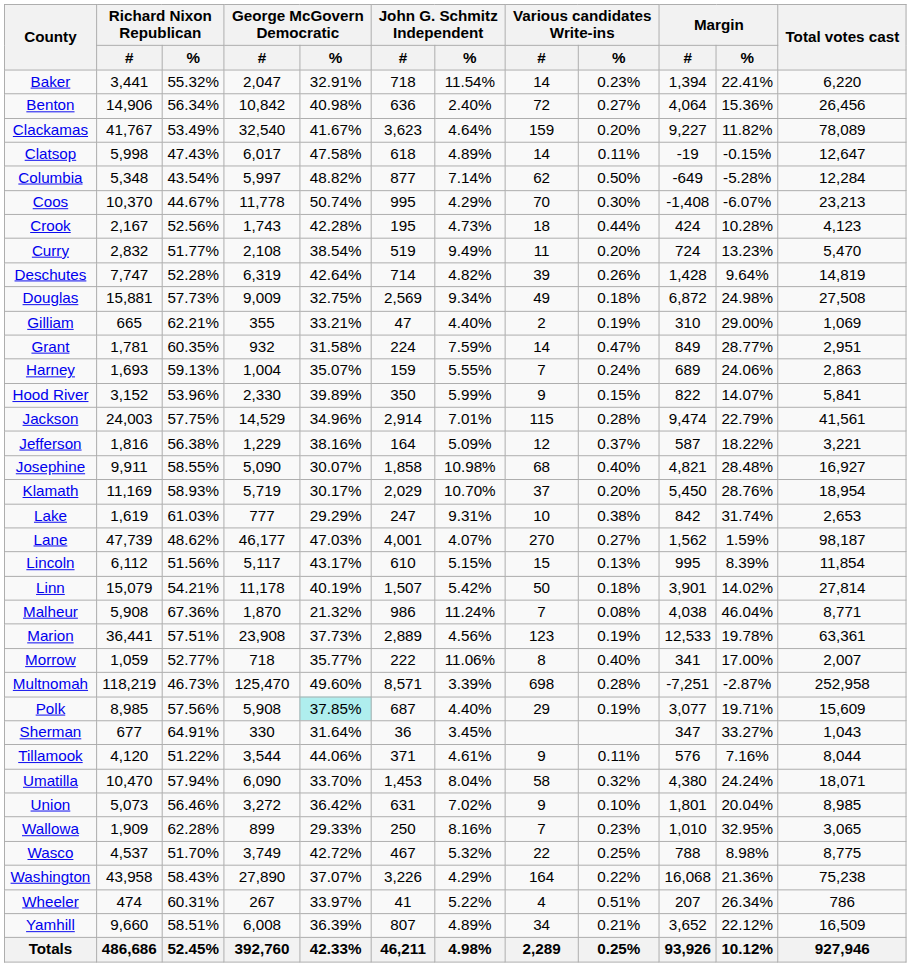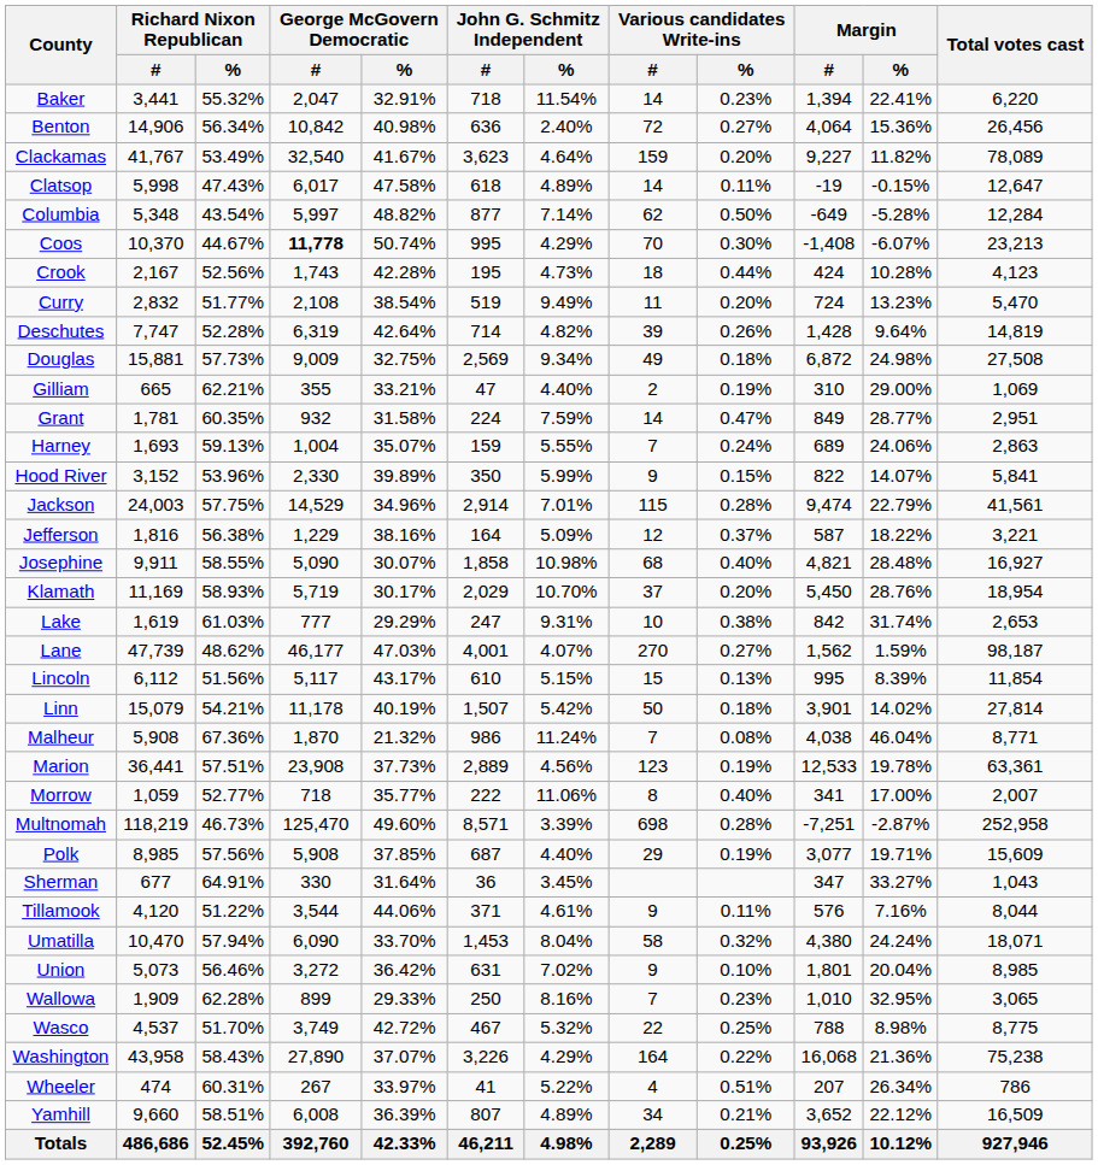 <table width="60%"  class="wikitable sortable" style="text-align:center">
 <tr>
 <th colspan="1" rowspan="2">County</th>
 <th style="text-align:center;" colspan="2">Richard Nixon<br>Republican</th>
 <th style="text-align:center;" colspan="2">George McGovern<br>Democratic</th>
 <th style="text-align:center;" colspan="2">John G. Schmitz<br>Independent</th>
 <th style="text-align:center;" colspan="2">Various candidates<br>Write-ins</th>
 <th style="text-align:center;" colspan="2">Margin</th>
 <th colspan="1" rowspan="2" style="text-align:center;">Total votes cast</th>
 </tr>
 <tr>
 <th style="text-align:center;" data-sort-type="number">#</th>
 <th style="text-align:center;" data-sort-type="number">%</th>
 <th style="text-align:center;" data-sort-type="number">#</th>
 <th style="text-align:center;" data-sort-type="number">%</th>
 <th style="text-align:center;" data-sort-type="number">#</th>
 <th style="text-align:center;" data-sort-type="number">%</th>
 <th style="text-align:center;" data-sort-type="number">#</th>
 <th style="text-align:center;" data-sort-type="number">%</th>
 <th style="text-align:center;" data-sort-type="number">#</th>
 <th style="text-align:center;" data-sort-type="number">%</th>
 </tr>
 <tr style="text-align:center;">
 <td><a href='#'>Baker</a></td>
 <td>3,441</td>
 <td>55.32%</td>
 <td>2,047</td>
 <td>32.91%</td>
 <td>718</td>
 <td>11.54%</td>
 <td>14</td>
 <td>0.23%</td>
 <td>1,394</td>
 <td>22.41%</td>
 <td>6,220</td>
 </tr>
 <tr style="text-align:center;">
 <td><a href='#'>Benton</a></td>
 <td>14,906</td>
 <td>56.34%</td>
 <td>10,842</td>
 <td>40.98%</td>
 <td>636</td>
 <td>2.40%</td>
 <td>72</td>
 <td>0.27%</td>
 <td>4,064</td>
 <td>15.36%</td>
 <td>26,456</td>
 </tr>
 <tr style="text-align:center;">
 <td><a href='#'>Clackamas</a></td>
 <td>41,767</td>
 <td>53.49%</td>
 <td>32,540</td>
 <td>41.67%</td>
 <td>3,623</td>
 <td>4.64%</td>
 <td>159</td>
 <td>0.20%</td>
 <td>9,227</td>
 <td>11.82%</td>
 <td>78,089</td>
 </tr>
 <tr style="text-align:center;">
 <td><a href='#'>Clatsop</a></td>
 <td>5,998</td>
 <td>47.43%</td>
 <td>6,017</td>
 <td>47.58%</td>
 <td>618</td>
 <td>4.89%</td>
 <td>14</td>
 <td>0.11%</td>
 <td>-19</td>
 <td>-0.15%</td>
 <td>12,647</td>
 </tr>
 <tr style="text-align:center;">
 <td><a href='#'>Columbia</a></td>
 <td>5,348</td>
 <td>43.54%</td>
 <td>5,997</td>
 <td>48.82%</td>
 <td>877</td>
 <td>7.14%</td>
 <td>62</td>
 <td>0.50%</td>
 <td>-649</td>
 <td>-5.28%</td>
 <td>12,284</td>
 </tr>
 <tr style="text-align:center;">
 <td><a href='#'>Coos</a></td>
 <td>10,370</td>
 <td>44.67%</td>
-<td>11,778</td>
+<td><strong>11,778</strong></td>
 <td>50.74%</td>
 <td>995</td>
 <td>4.29%</td>
 <td>70</td>
 <td>0.30%</td>
 <td>-1,408</td>
 <td>-6.07%</td>
 <td>23,213</td>
 </tr>
 <tr style="text-align:center;">
 <td><a href='#'>Crook</a></td>
 <td>2,167</td>
 <td>52.56%</td>
 <td>1,743</td>
 <td>42.28%</td>
 <td>195</td>
 <td>4.73%</td>
 <td>18</td>
 <td>0.44%</td>
 <td>424</td>
 <td>10.28%</td>
 <td>4,123</td>
 </tr>
 <tr style="text-align:center;">
 <td><a href='#'>Curry</a></td>
 <td>2,832</td>
 <td>51.77%</td>
 <td>2,108</td>
 <td>38.54%</td>
 <td>519</td>
 <td>9.49%</td>
 <td>11</td>
 <td>0.20%</td>
 <td>724</td>
 <td>13.23%</td>
 <td>5,470</td>
 </tr>
 <tr style="text-align:center;">
 <td><a href='#'>Deschutes</a></td>
 <td>7,747</td>
 <td>52.28%</td>
 <td>6,319</td>
 <td>42.64%</td>
 <td>714</td>
 <td>4.82%</td>
 <td>39</td>
 <td>0.26%</td>
 <td>1,428</td>
 <td>9.64%</td>
 <td>14,819</td>
 </tr>
 <tr style="text-align:center;">
 <td><a href='#'>Douglas</a></td>
 <td>15,881</td>
 <td>57.73%</td>
 <td>9,009</td>
 <td>32.75%</td>
 <td>2,569</td>
 <td>9.34%</td>
 <td>49</td>
 <td>0.18%</td>
 <td>6,872</td>
 <td>24.98%</td>
 <td>27,508</td>
 </tr>
 <tr style="text-align:center;">
 <td><a href='#'>Gilliam</a></td>
 <td>665</td>
 <td>62.21%</td>
 <td>355</td>
 <td>33.21%</td>
 <td>47</td>
 <td>4.40%</td>
 <td>2</td>
 <td>0.19%</td>
 <td>310</td>
 <td>29.00%</td>
 <td>1,069</td>
 </tr>
 <tr style="text-align:center;">
 <td><a href='#'>Grant</a></td>
 <td>1,781</td>
 <td>60.35%</td>
 <td>932</td>
 <td>31.58%</td>
 <td>224</td>
 <td>7.59%</td>
 <td>14</td>
 <td>0.47%</td>
 <td>849</td>
 <td>28.77%</td>
 <td>2,951</td>
 </tr>
 <tr style="text-align:center;">
 <td><a href='#'>Harney</a></td>
 <td>1,693</td>
 <td>59.13%</td>
 <td>1,004</td>
 <td>35.07%</td>
 <td>159</td>
 <td>5.55%</td>
 <td>7</td>
 <td>0.24%</td>
 <td>689</td>
 <td>24.06%</td>
 <td>2,863</td>
 </tr>
 <tr style="text-align:center;">
 <td><a href='#'>Hood River</a></td>
 <td>3,152</td>
 <td>53.96%</td>
 <td>2,330</td>
 <td>39.89%</td>
 <td>350</td>
 <td>5.99%</td>
 <td>9</td>
 <td>0.15%</td>
 <td>822</td>
 <td>14.07%</td>
 <td>5,841</td>
 </tr>
 <tr style="text-align:center;">
 <td><a href='#'>Jackson</a></td>
 <td>24,003</td>
 <td>57.75%</td>
 <td>14,529</td>
 <td>34.96%</td>
 <td>2,914</td>
 <td>7.01%</td>
 <td>115</td>
 <td>0.28%</td>
 <td>9,474</td>
 <td>22.79%</td>
 <td>41,561</td>
 </tr>
 <tr style="text-align:center;">
 <td><a href='#'>Jefferson</a></td>
 <td>1,816</td>
 <td>56.38%</td>
 <td>1,229</td>
 <td>38.16%</td>
 <td>164</td>
 <td>5.09%</td>
 <td>12</td>
 <td>0.37%</td>
 <td>587</td>
 <td>18.22%</td>
 <td>3,221</td>
 </tr>
 <tr style="text-align:center;">
 <td><a href='#'>Josephine</a></td>
 <td>9,911</td>
 <td>58.55%</td>
 <td>5,090</td>
 <td>30.07%</td>
 <td>1,858</td>
 <td>10.98%</td>
 <td>68</td>
 <td>0.40%</td>
 <td>4,821</td>
 <td>28.48%</td>
 <td>16,927</td>
 </tr>
 <tr style="text-align:center;">
 <td><a href='#'>Klamath</a></td>
 <td>11,169</td>
 <td>58.93%</td>
 <td>5,719</td>
 <td>30.17%</td>
 <td>2,029</td>
 <td>10.70%</td>
 <td>37</td>
 <td>0.20%</td>
 <td>5,450</td>
 <td>28.76%</td>
 <td>18,954</td>
 </tr>
 <tr style="text-align:center;">
 <td><a href='#'>Lake</a></td>
 <td>1,619</td>
 <td>61.03%</td>
 <td>777</td>
 <td>29.29%</td>
 <td>247</td>
 <td>9.31%</td>
 <td>10</td>
 <td>0.38%</td>
 <td>842</td>
 <td>31.74%</td>
 <td>2,653</td>
 </tr>
 <tr style="text-align:center;">
 <td><a href='#'>Lane</a></td>
 <td>47,739</td>
 <td>48.62%</td>
 <td>46,177</td>
 <td>47.03%</td>
 <td>4,001</td>
 <td>4.07%</td>
 <td>270</td>
 <td>0.27%</td>
 <td>1,562</td>
 <td>1.59%</td>
 <td>98,187</td>
 </tr>
 <tr style="text-align:center;">
 <td><a href='#'>Lincoln</a></td>
 <td>6,112</td>
 <td>51.56%</td>
 <td>5,117</td>
 <td>43.17%</td>
 <td>610</td>
 <td>5.15%</td>
 <td>15</td>
 <td>0.13%</td>
 <td>995</td>
 <td>8.39%</td>
 <td>11,854</td>
 </tr>
 <tr style="text-align:center;">
 <td><a href='#'>Linn</a></td>
 <td>15,079</td>
 <td>54.21%</td>
 <td>11,178</td>
 <td>40.19%</td>
 <td>1,507</td>
 <td>5.42%</td>
 <td>50</td>
 <td>0.18%</td>
 <td>3,901</td>
 <td>14.02%</td>
 <td>27,814</td>
 </tr>
 <tr style="text-align:center;">
 <td><a href='#'>Malheur</a></td>
 <td>5,908</td>
 <td>67.36%</td>
 <td>1,870</td>
 <td>21.32%</td>
 <td>986</td>
 <td>11.24%</td>
 <td>7</td>
 <td>0.08%</td>
 <td>4,038</td>
 <td>46.04%</td>
 <td>8,771</td>
 </tr>
 <tr style="text-align:center;">
 <td><a href='#'>Marion</a></td>
 <td>36,441</td>
 <td>57.51%</td>
 <td>23,908</td>
 <td>37.73%</td>
 <td>2,889</td>
 <td>4.56%</td>
 <td>123</td>
 <td>0.19%</td>
 <td>12,533</td>
 <td>19.78%</td>
 <td>63,361</td>
 </tr>
 <tr style="text-align:center;">
 <td><a href='#'>Morrow</a></td>
 <td>1,059</td>
 <td>52.77%</td>
 <td>718</td>
 <td>35.77%</td>
 <td>222</td>
 <td>11.06%</td>
 <td>8</td>
 <td>0.40%</td>
 <td>341</td>
 <td>17.00%</td>
 <td>2,007</td>
 </tr>
 <tr style="text-align:center;">
 <td><a href='#'>Multnomah</a></td>
 <td>118,219</td>
 <td>46.73%</td>
 <td>125,470</td>
 <td>49.60%</td>
 <td>8,571</td>
 <td>3.39%</td>
 <td>698</td>
 <td>0.28%</td>
 <td>-7,251</td>
 <td>-2.87%</td>
 <td>252,958</td>
 </tr>
 <tr style="text-align:center;">
 <td><a href='#'>Polk</a></td>
 <td>8,985</td>
 <td>57.56%</td>
 <td>5,908</td>
-<td style="background: paleturquoise;">37.85%</td>
+<td>37.85%</td>
 <td>687</td>
 <td>4.40%</td>
 <td>29</td>
 <td>0.19%</td>
 <td>3,077</td>
 <td>19.71%</td>
 <td>15,609</td>
 </tr>
 <tr style="text-align:center;">
 <td><a href='#'>Sherman</a></td>
 <td>677</td>
 <td>64.91%</td>
 <td>330</td>
 <td>31.64%</td>
 <td>36</td>
 <td>3.45%</td>
 <td></td>
 <td></td>
 <td>347</td>
 <td>33.27%</td>
 <td>1,043</td>
 </tr>
 <tr style="text-align:center;">
 <td><a href='#'>Tillamook</a></td>
 <td>4,120</td>
 <td>51.22%</td>
 <td>3,544</td>
 <td>44.06%</td>
 <td>371</td>
 <td>4.61%</td>
 <td>9</td>
 <td>0.11%</td>
 <td>576</td>
 <td>7.16%</td>
 <td>8,044</td>
 </tr>
 <tr style="text-align:center;">
 <td><a href='#'>Umatilla</a></td>
 <td>10,470</td>
 <td>57.94%</td>
 <td>6,090</td>
 <td>33.70%</td>
 <td>1,453</td>
 <td>8.04%</td>
 <td>58</td>
 <td>0.32%</td>
 <td>4,380</td>
 <td>24.24%</td>
 <td>18,071</td>
 </tr>
 <tr style="text-align:center;">
 <td><a href='#'>Union</a></td>
 <td>5,073</td>
 <td>56.46%</td>
 <td>3,272</td>
 <td>36.42%</td>
 <td>631</td>
 <td>7.02%</td>
 <td>9</td>
 <td>0.10%</td>
 <td>1,801</td>
 <td>20.04%</td>
 <td>8,985</td>
 </tr>
 <tr style="text-align:center;">
 <td><a href='#'>Wallowa</a></td>
 <td>1,909</td>
 <td>62.28%</td>
 <td>899</td>
 <td>29.33%</td>
 <td>250</td>
 <td>8.16%</td>
 <td>7</td>
 <td>0.23%</td>
 <td>1,010</td>
 <td>32.95%</td>
 <td>3,065</td>
 </tr>
 <tr style="text-align:center;">
 <td><a href='#'>Wasco</a></td>
 <td>4,537</td>
 <td>51.70%</td>
 <td>3,749</td>
 <td>42.72%</td>
 <td>467</td>
 <td>5.32%</td>
 <td>22</td>
 <td>0.25%</td>
 <td>788</td>
 <td>8.98%</td>
 <td>8,775</td>
 </tr>
 <tr style="text-align:center;">
 <td><a href='#'>Washington</a></td>
 <td>43,958</td>
 <td>58.43%</td>
 <td>27,890</td>
 <td>37.07%</td>
 <td>3,226</td>
 <td>4.29%</td>
 <td>164</td>
 <td>0.22%</td>
 <td>16,068</td>
 <td>21.36%</td>
 <td>75,238</td>
 </tr>
 <tr style="text-align:center;">
 <td><a href='#'>Wheeler</a></td>
 <td>474</td>
 <td>60.31%</td>
 <td>267</td>
 <td>33.97%</td>
 <td>41</td>
 <td>5.22%</td>
 <td>4</td>
 <td>0.51%</td>
 <td>207</td>
 <td>26.34%</td>
 <td>786</td>
 </tr>
 <tr style="text-align:center;">
 <td><a href='#'>Yamhill</a></td>
 <td>9,660</td>
 <td>58.51%</td>
 <td>6,008</td>
 <td>36.39%</td>
 <td>807</td>
 <td>4.89%</td>
 <td>34</td>
 <td>0.21%</td>
 <td>3,652</td>
 <td>22.12%</td>
 <td>16,509</td>
 </tr>
 <tr style="text-align:center;">
 <th>Totals</th>
 <th>486,686</th>
 <th>52.45%</th>
 <th>392,760</th>
 <th>42.33%</th>
 <th>46,211</th>
 <th>4.98%</th>
 <th>2,289</th>
 <th>0.25%</th>
 <th>93,926</th>
 <th>10.12%</th>
 <th>927,946</th>
 </tr>
 </table>
